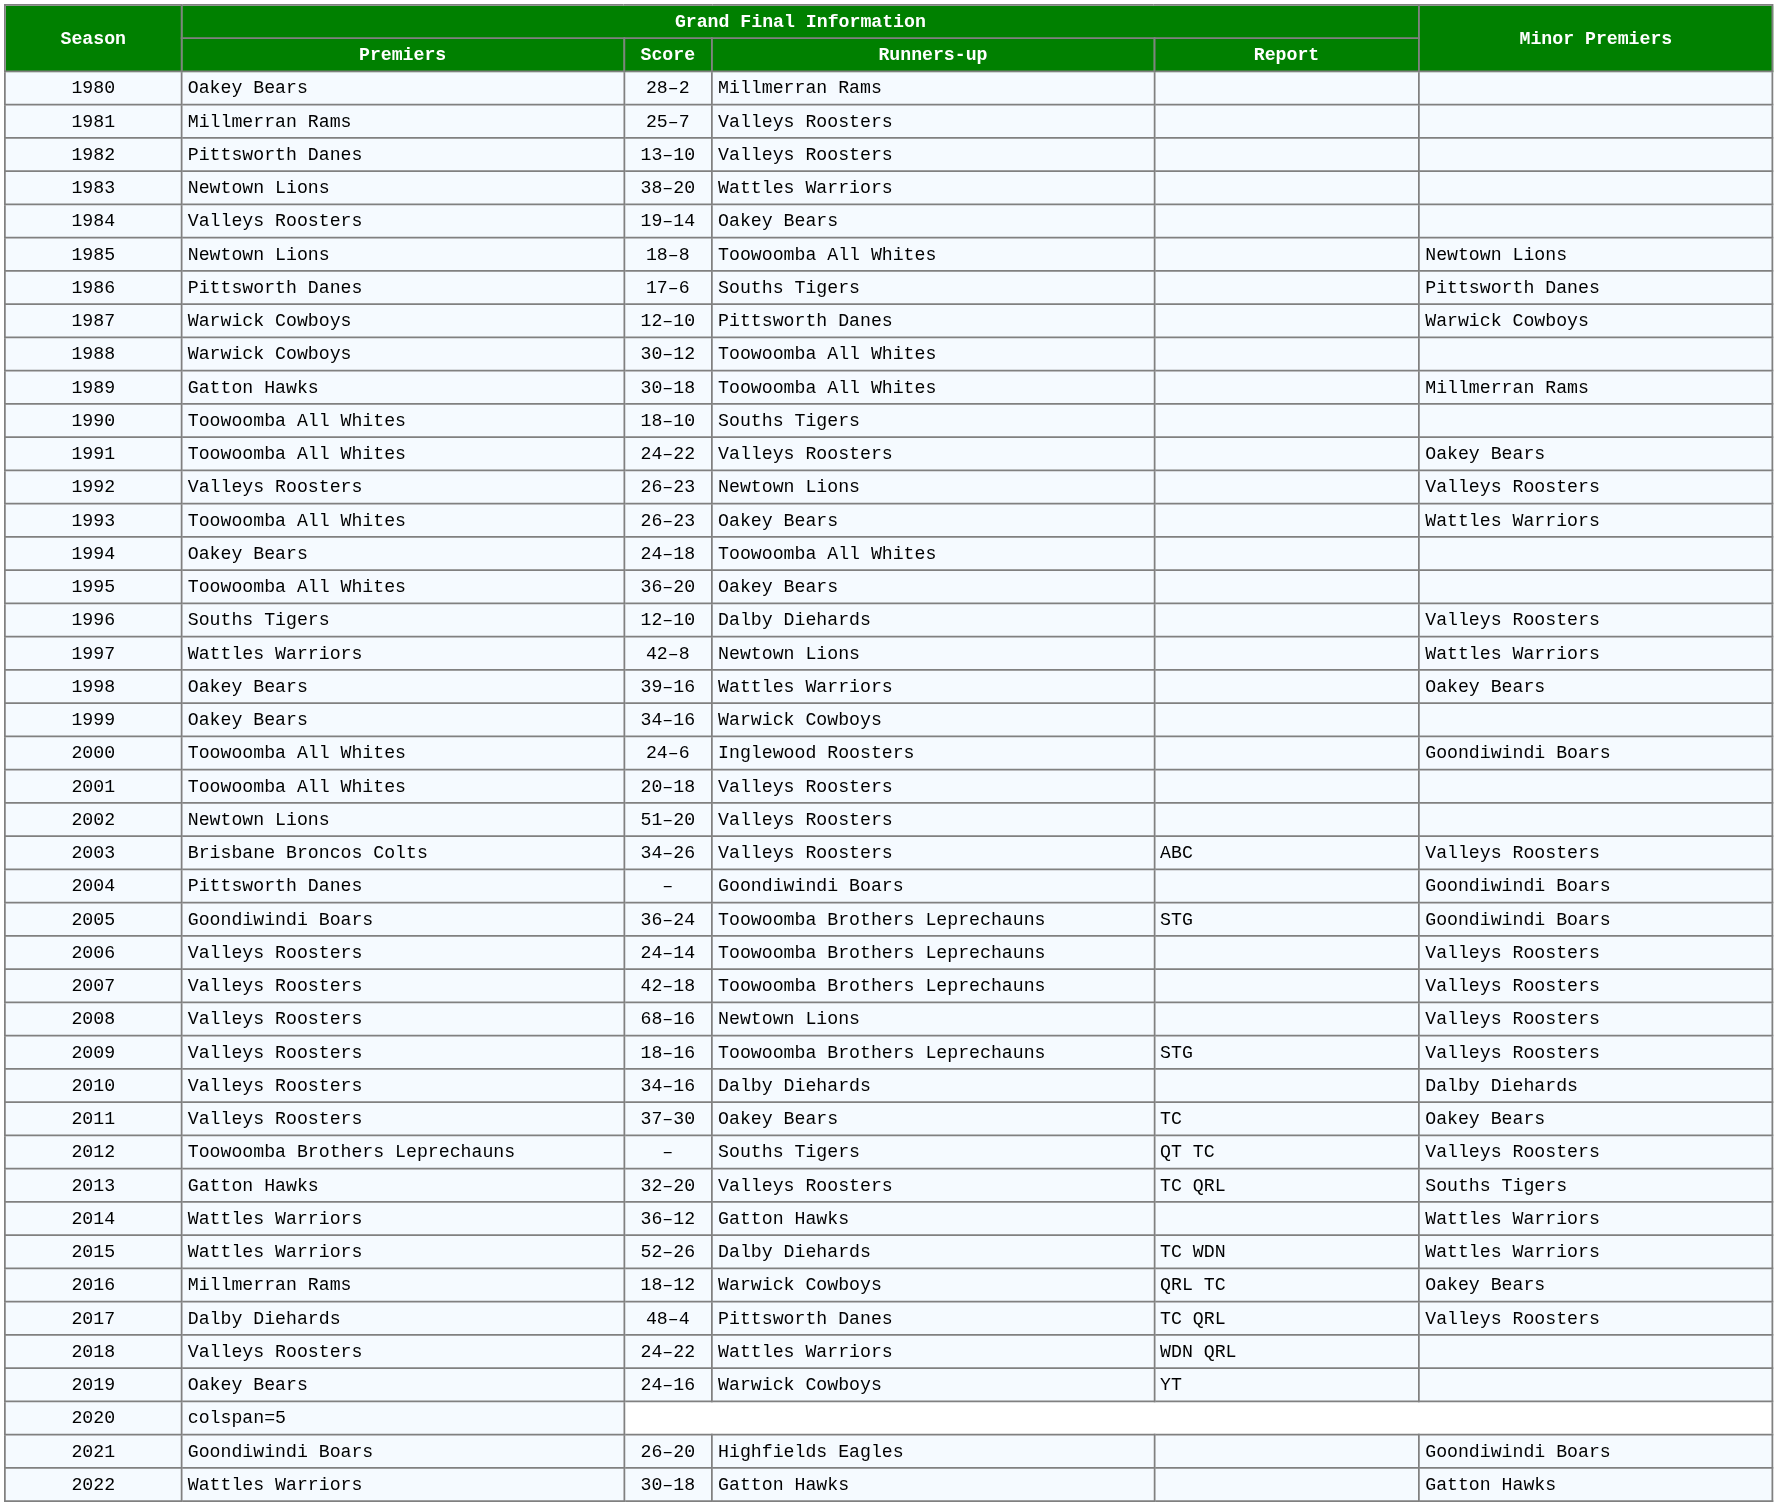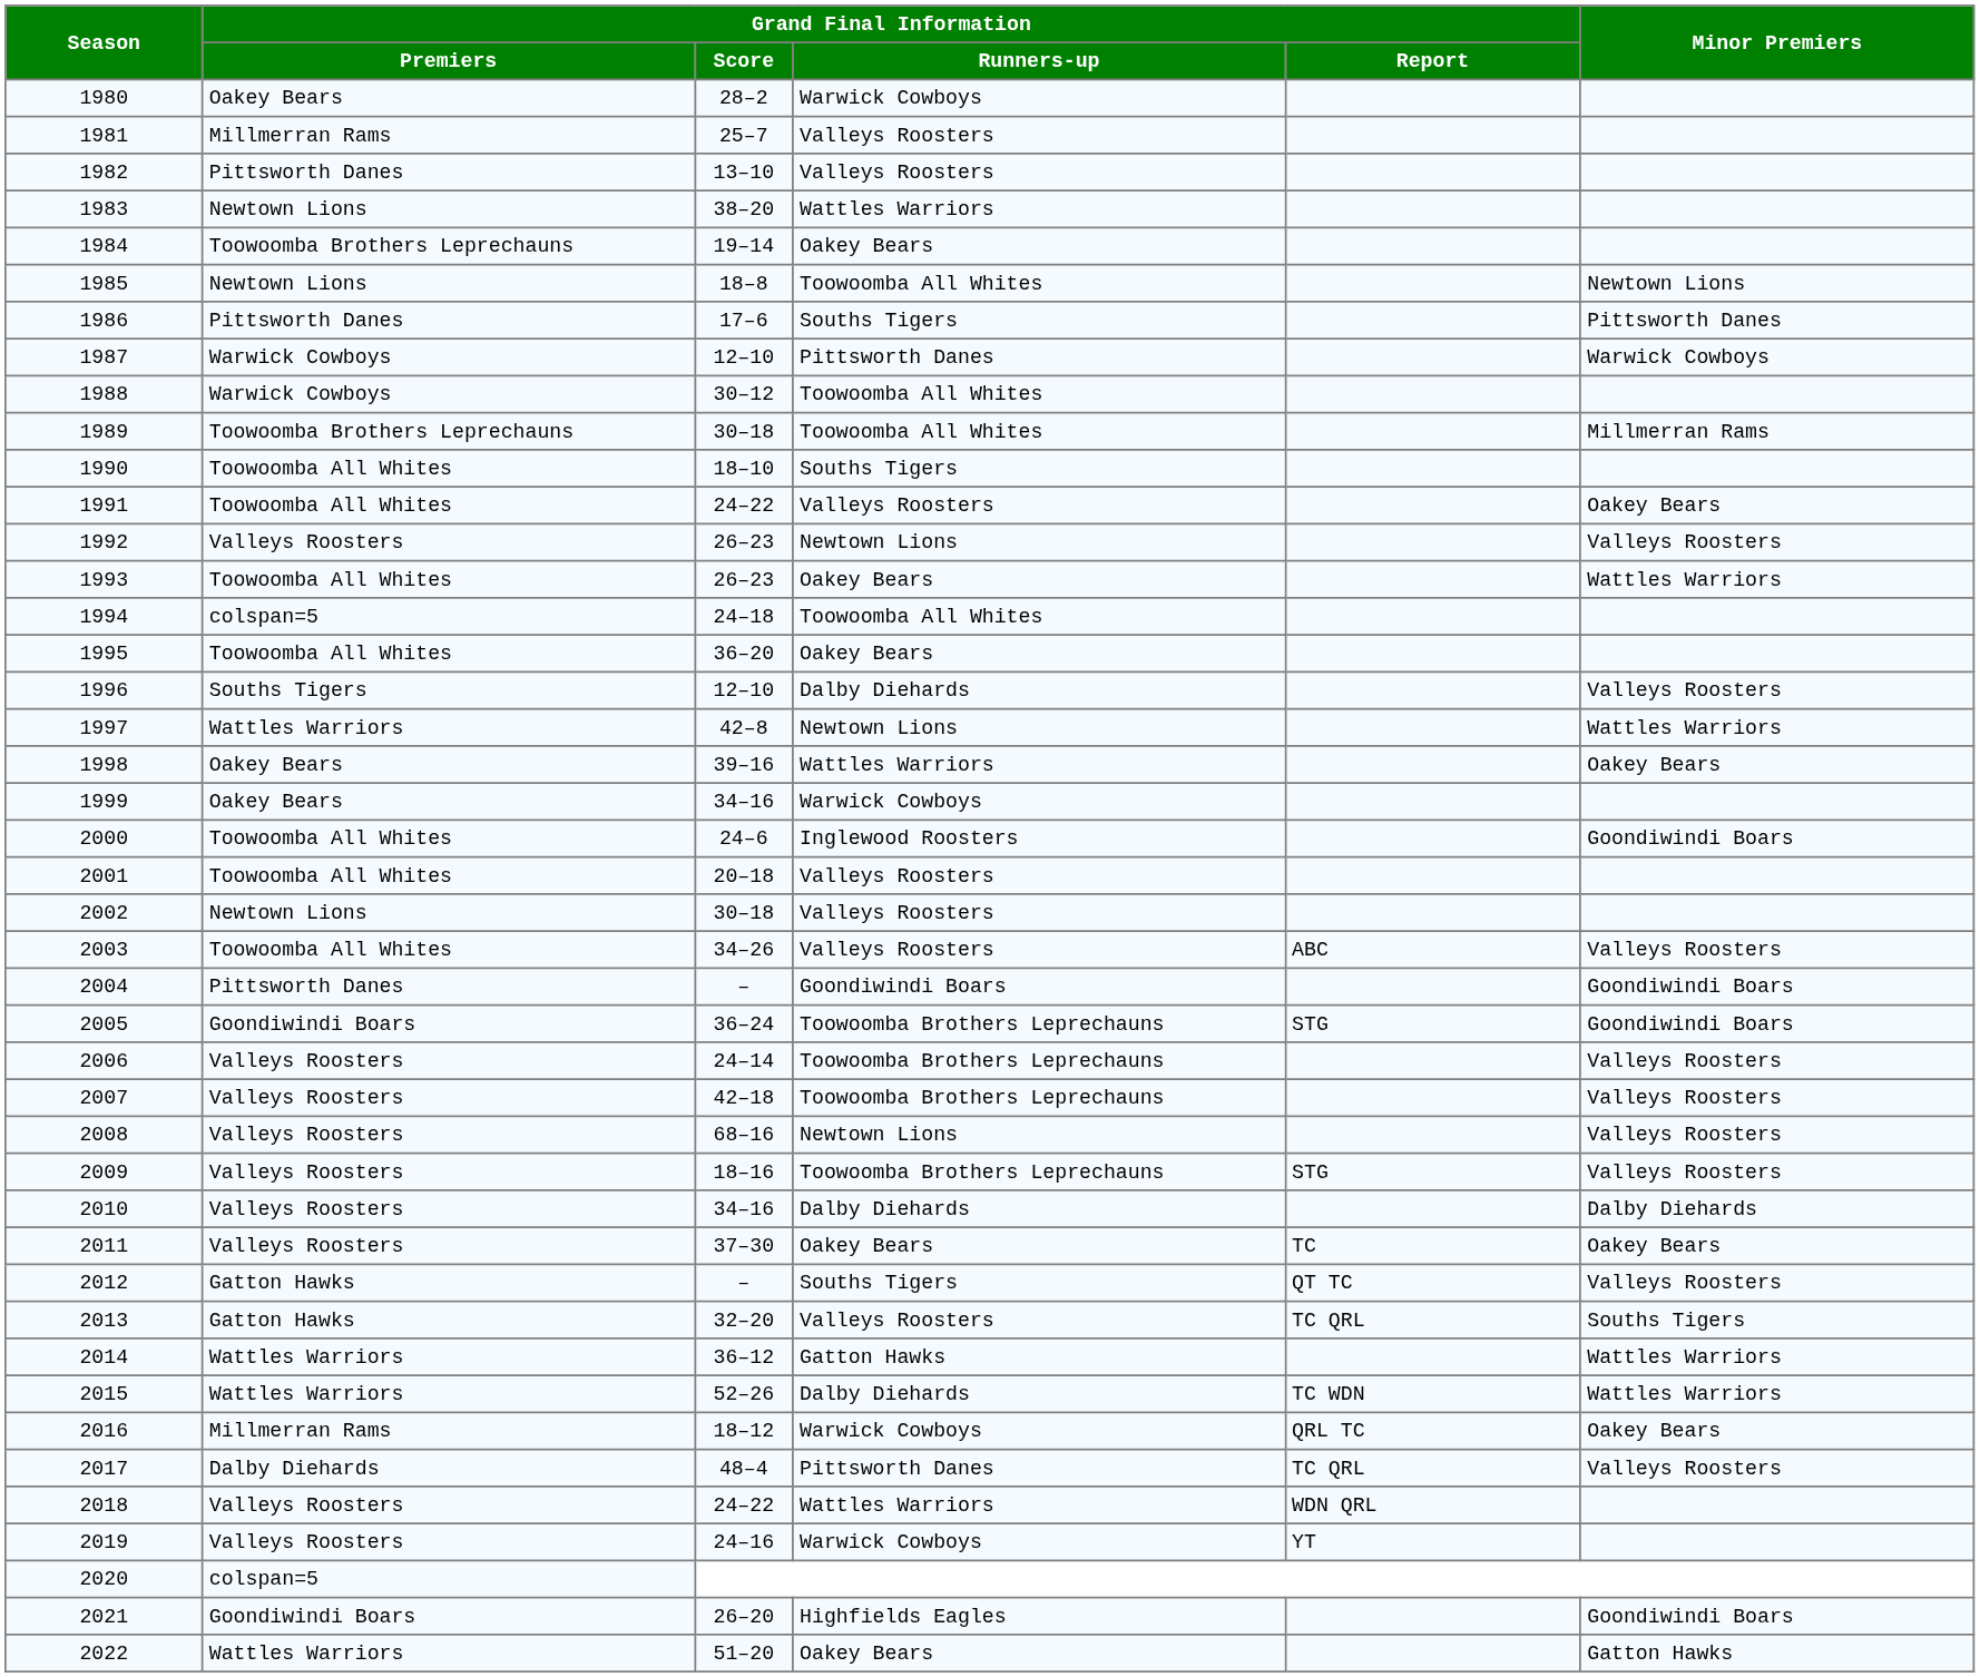 <table border=1 style="border-collapse:collapse; font-size:80%;" cellpadding=3 cellspacing=0 width=80%>
 <tr style="background:#008000; color:white">
 <th rowspan=2 width=10%>Season</th>
 <th rowspan=1 colspan=4>Grand Final Information</th>
 <th rowspan=2 width=25%>Minor Premiers</th>
 </tr>
 <tr style="background:#008000; color:white">
 <th rowspan=1 width=25%>Premiers</th>
 <th rowspan=1 width=05%>Score</th>
 <th rowspan=1 width=25%>Runners-up</th>
 <td rowspan=1 width=15% align=center><strong>Report</strong></td>
 </tr>
 <tr bgcolor=#F5FAFF>
 <td align=center>1980</td>
 <td> Oakey Bears</td>
 <td align=center>28–2</td>
-<td> Millmerran Rams</td>
+<td> Warwick Cowboys</td>
 <td></td>
 <td></td>
 </tr>
 <tr bgcolor=#F5FAFF>
 <td align=center>1981</td>
 <td> Millmerran Rams</td>
 <td align=center>25–7</td>
 <td> Valleys Roosters</td>
 <td></td>
 <td></td>
 </tr>
 <tr bgcolor=#F5FAFF>
 <td align=center>1982</td>
 <td> Pittsworth Danes</td>
 <td align=center>13–10</td>
 <td> Valleys Roosters</td>
 <td></td>
 <td></td>
 </tr>
 <tr bgcolor=#F5FAFF>
 <td align=center>1983</td>
 <td> Newtown Lions</td>
 <td align=center>38–20</td>
 <td> Wattles Warriors</td>
 <td></td>
 <td></td>
 </tr>
 <tr bgcolor=#F5FAFF>
 <td align=center>1984</td>
-<td> Valleys Roosters</td>
+<td> Toowoomba Brothers Leprechauns</td>
 <td align=center>19–14</td>
 <td> Oakey Bears</td>
 <td></td>
 <td></td>
 </tr>
 <tr bgcolor=#F5FAFF>
 <td align=center>1985</td>
 <td> Newtown Lions</td>
 <td align=center>18–8</td>
 <td> Toowoomba All Whites</td>
 <td></td>
 <td> Newtown Lions</td>
 </tr>
 <tr bgcolor=#F5FAFF>
 <td align=center>1986</td>
 <td> Pittsworth Danes</td>
 <td align=center>17–6</td>
 <td> Souths Tigers</td>
 <td></td>
 <td> Pittsworth Danes</td>
 </tr>
 <tr bgcolor=#F5FAFF>
 <td align=center>1987</td>
 <td> Warwick Cowboys</td>
 <td align=center>12–10</td>
 <td> Pittsworth Danes</td>
 <td></td>
 <td> Warwick Cowboys</td>
 </tr>
 <tr bgcolor=#F5FAFF>
 <td align=center>1988</td>
 <td> Warwick Cowboys</td>
 <td align=center>30–12</td>
 <td> Toowoomba All Whites</td>
 <td></td>
 <td></td>
 </tr>
 <tr bgcolor=#F5FAFF>
 <td align=center>1989</td>
-<td> Gatton Hawks</td>
+<td> Toowoomba Brothers Leprechauns</td>
 <td align=center>30–18</td>
 <td> Toowoomba All Whites</td>
 <td></td>
 <td> Millmerran Rams</td>
 </tr>
 <tr bgcolor=#F5FAFF>
 <td align=center>1990</td>
 <td> Toowoomba All Whites</td>
 <td align=center>18–10</td>
 <td> Souths Tigers</td>
 <td></td>
 <td></td>
 </tr>
 <tr bgcolor=#F5FAFF>
 <td align=center>1991</td>
 <td> Toowoomba All Whites</td>
 <td align=center>24–22</td>
 <td> Valleys Roosters</td>
 <td></td>
 <td> Oakey Bears</td>
 </tr>
 <tr bgcolor=#F5FAFF>
 <td align=center>1992</td>
 <td> Valleys Roosters</td>
 <td align=center>26–23</td>
 <td> Newtown Lions</td>
 <td></td>
 <td> Valleys Roosters</td>
 </tr>
 <tr bgcolor=#F5FAFF>
 <td align=center>1993</td>
 <td> Toowoomba All Whites</td>
 <td align=center>26–23</td>
 <td> Oakey Bears</td>
 <td></td>
 <td> Wattles Warriors</td>
 </tr>
 <tr bgcolor=#F5FAFF>
 <td align=center>1994</td>
-<td> Oakey Bears</td>
+<td>colspan=5 </td>
 <td align=center>24–18</td>
 <td> Toowoomba All Whites</td>
 <td></td>
 <td></td>
 </tr>
 <tr bgcolor=#F5FAFF>
 <td align=center>1995</td>
 <td> Toowoomba All Whites</td>
 <td align=center>36–20</td>
 <td> Oakey Bears</td>
 <td></td>
 <td></td>
 </tr>
 <tr bgcolor=#F5FAFF>
 <td align=center>1996</td>
 <td> Souths Tigers</td>
 <td align=center>12–10</td>
 <td> Dalby Diehards</td>
 <td></td>
 <td> Valleys Roosters</td>
 </tr>
 <tr bgcolor=#F5FAFF>
 <td align=center>1997</td>
 <td> Wattles Warriors</td>
 <td align=center>42–8</td>
 <td> Newtown Lions</td>
 <td></td>
 <td> Wattles Warriors</td>
 </tr>
 <tr bgcolor=#F5FAFF>
 <td align=center>1998</td>
 <td> Oakey Bears</td>
 <td align=center>39–16</td>
 <td> Wattles Warriors</td>
 <td></td>
 <td> Oakey Bears</td>
 </tr>
 <tr bgcolor=#F5FAFF>
 <td align=center>1999</td>
 <td> Oakey Bears</td>
 <td align=center>34–16</td>
 <td> Warwick Cowboys</td>
 <td></td>
 <td></td>
 </tr>
 <tr bgcolor=#F5FAFF>
 <td align=center>2000</td>
 <td> Toowoomba All Whites</td>
 <td align=center>24–6</td>
 <td> Inglewood Roosters</td>
 <td></td>
 <td> Goondiwindi Boars</td>
 </tr>
 <tr bgcolor=#F5FAFF>
 <td align=center>2001</td>
 <td> Toowoomba All Whites</td>
 <td align=center>20–18</td>
 <td> Valleys Roosters</td>
 <td></td>
 <td></td>
 </tr>
 <tr bgcolor=#F5FAFF>
 <td align=center>2002</td>
 <td> Newtown Lions</td>
-<td align=center>51–20</td>
+<td align=center>30–18</td>
 <td> Valleys Roosters</td>
 <td></td>
 <td></td>
 </tr>
 <tr bgcolor=#F5FAFF>
 <td align=center>2003</td>
-<td> Brisbane Broncos Colts</td>
+<td> Toowoomba All Whites</td>
 <td align=center>34–26</td>
 <td> Valleys Roosters</td>
 <td>ABC</td>
 <td> Valleys Roosters</td>
 </tr>
 <tr bgcolor=#F5FAFF>
 <td align=center>2004</td>
 <td> Pittsworth Danes</td>
 <td align=center>–</td>
 <td> Goondiwindi Boars</td>
 <td></td>
 <td> Goondiwindi Boars</td>
 </tr>
 <tr bgcolor=#F5FAFF>
 <td align=center>2005</td>
 <td> Goondiwindi Boars</td>
 <td align=center>36–24</td>
 <td> Toowoomba Brothers Leprechauns</td>
 <td>STG</td>
 <td> Goondiwindi Boars</td>
 </tr>
 <tr bgcolor=#F5FAFF>
 <td align=center>2006</td>
 <td> Valleys Roosters</td>
 <td align=center>24–14</td>
 <td> Toowoomba Brothers Leprechauns</td>
 <td></td>
 <td> Valleys Roosters</td>
 </tr>
 <tr bgcolor=#F5FAFF>
 <td align=center>2007</td>
 <td> Valleys Roosters</td>
 <td align=center>42–18</td>
 <td> Toowoomba Brothers Leprechauns</td>
 <td></td>
 <td> Valleys Roosters</td>
 </tr>
 <tr bgcolor=#F5FAFF>
 <td align=center>2008</td>
 <td> Valleys Roosters</td>
 <td align=center>68–16</td>
 <td> Newtown Lions</td>
 <td></td>
 <td> Valleys Roosters</td>
 </tr>
 <tr bgcolor=#F5FAFF>
 <td align=center>2009</td>
 <td> Valleys Roosters</td>
 <td align=center>18–16</td>
 <td> Toowoomba Brothers Leprechauns</td>
 <td>STG</td>
 <td> Valleys Roosters</td>
 </tr>
 <tr bgcolor=#F5FAFF>
 <td align=center>2010</td>
 <td> Valleys Roosters</td>
 <td align=center>34–16</td>
 <td> Dalby Diehards</td>
 <td></td>
 <td> Dalby Diehards</td>
 </tr>
 <tr bgcolor=#F5FAFF>
 <td align=center>2011</td>
 <td> Valleys Roosters</td>
 <td align=center>37–30</td>
 <td> Oakey Bears</td>
 <td>TC</td>
 <td> Oakey Bears</td>
 </tr>
 <tr bgcolor=#F5FAFF>
 <td align=center>2012</td>
-<td> Toowoomba Brothers Leprechauns</td>
+<td> Gatton Hawks</td>
 <td align=center>–</td>
 <td> Souths Tigers</td>
 <td>QT TC</td>
 <td> Valleys Roosters</td>
 </tr>
 <tr bgcolor=#F5FAFF>
 <td align=center>2013</td>
 <td> Gatton Hawks</td>
 <td align=center>32–20</td>
 <td> Valleys Roosters</td>
 <td>TC QRL</td>
 <td> Souths Tigers</td>
 </tr>
 <tr bgcolor=#F5FAFF>
 <td align=center>2014</td>
 <td> Wattles Warriors</td>
 <td align=center>36–12</td>
 <td> Gatton Hawks</td>
 <td></td>
 <td> Wattles Warriors</td>
 </tr>
 <tr bgcolor=#F5FAFF>
 <td align=center>2015</td>
 <td> Wattles Warriors</td>
 <td align=center>52–26</td>
 <td> Dalby Diehards</td>
 <td>TC WDN</td>
 <td> Wattles Warriors</td>
 </tr>
 <tr bgcolor=#F5FAFF>
 <td align=center>2016</td>
 <td> Millmerran Rams</td>
 <td align=center>18–12</td>
 <td> Warwick Cowboys</td>
 <td>QRL TC</td>
 <td> Oakey Bears</td>
 </tr>
 <tr bgcolor=#F5FAFF>
 <td align=center>2017</td>
 <td> Dalby Diehards</td>
 <td align=center>48–4</td>
 <td> Pittsworth Danes</td>
 <td>TC QRL</td>
 <td> Valleys Roosters</td>
 </tr>
 <tr bgcolor=#F5FAFF>
 <td align=center>2018</td>
 <td> Valleys Roosters</td>
 <td align=center>24–22</td>
 <td> Wattles Warriors</td>
 <td>WDN QRL</td>
 <td></td>
 </tr>
 <tr bgcolor=#F5FAFF>
 <td align=center>2019</td>
-<td> Oakey Bears</td>
+<td> Valleys Roosters</td>
 <td align=center>24–16</td>
 <td> Warwick Cowboys</td>
 <td>YT</td>
 <td></td>
 </tr>
 <tr bgcolor=#F5FAFF>
 <td align=center>2020</td>
 <td>colspan=5 </td>
 </tr>
 <tr bgcolor=#F5FAFF>
 <td align=center>2021</td>
 <td> Goondiwindi Boars</td>
 <td align=center>26–20</td>
 <td> Highfields Eagles</td>
 <td></td>
 <td> Goondiwindi Boars</td>
 </tr>
 <tr bgcolor=#F5FAFF>
 <td align=center>2022</td>
 <td> Wattles Warriors</td>
-<td align=center>30–18</td>
-<td> Gatton Hawks</td>
+<td align=center>51–20</td>
+<td> Oakey Bears</td>
 <td></td>
 <td> Gatton Hawks</td>
 </tr>
 </table>
